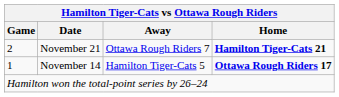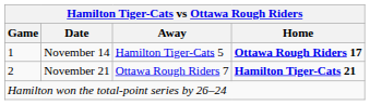 <table class="wikitable">
 <tr>
 <th colspan="4"><a href='#'>Hamilton Tiger-Cats</a> vs <a href='#'>Ottawa Rough Riders</a></th>
 </tr>
 <tr>
 <th>Game</th>
 <th>Date</th>
 <th>Away</th>
 <th>Home</th>
 </tr>
 <tr>
+<td>1</td>
+<td>November 14</td>
+<td><a href='#'>Hamilton Tiger-Cats</a> 5</td>
+<td><strong><a href='#'>Ottawa Rough Riders</a> 17</strong></td>
+</tr>
+<tr>
 <td>2</td>
 <td>November 21</td>
 <td><a href='#'>Ottawa Rough Riders</a> 7</td>
 <td><strong><a href='#'>Hamilton Tiger-Cats</a> 21</strong></td>
 </tr>
 <tr>
-<td>1</td>
-<td>November 14</td>
-<td><a href='#'>Hamilton Tiger-Cats</a> 5</td>
-<td><strong><a href='#'>Ottawa Rough Riders</a> 17</strong></td>
-</tr>
-<tr>
 <td colspan="4"><em>Hamilton won the total-point series by 26–24</em></td>
 </tr>
 </table>
